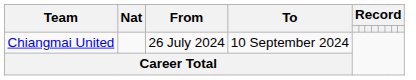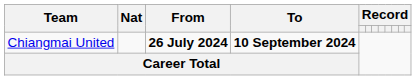 <table class="wikitable" style="text-align: center">
 <tr>
 <th rowspan="2">Team</th>
 <th rowspan="2">Nat</th>
 <th rowspan="2">From</th>
 <th rowspan="2">To</th>
 <th colspan="8">Record</th>
 </tr>
 <tr>
 <th></th>
 <th></th>
 <th></th>
 <th></th>
 <th></th>
 <th></th>
 <th></th>
 <th></th>
 </tr>
 <tr>
 <td align=left><a href='#'>Chiangmai United</a></td>
 <td></td>
-<td align=left>26 July 2024</td>
-<td align=left>10 September 2024<br></td>
+<td align=left><strong>26 July 2024</strong></td>
+<td align=left><strong>10 September 2024<br></strong></td>
 </tr>
 <tr>
 <th colspan="4">Career Total<br></th>
 </tr>
 </table>
